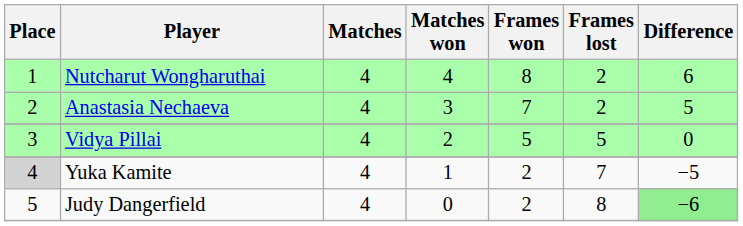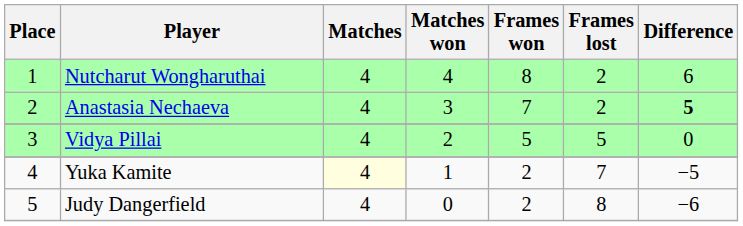 <table class="wikitable" style="text-align: center;">
 <tr>
 <th width=20>Place</th>
 <th width=200>Player</th>
 <th width=20>Matches</th>
 <th width=20>Matches won</th>
 <th width=20>Frames won</th>
 <th width=20>Frames lost</th>
 <th width=20>Difference</th>
 </tr>
 <tr style="background:#aaffaa;">
 <td>1</td>
 <td style="text-align:left;"> <a href='#'>Nutcharut Wongharuthai</a></td>
 <td>4</td>
 <td>4</td>
 <td>8</td>
 <td>2</td>
 <td>6</td>
 </tr>
 <tr style="background:#aaffaa;">
 <td>2</td>
 <td style="text-align:left;"> <a href='#'>Anastasia Nechaeva</a></td>
 <td>4</td>
 <td>3</td>
 <td>7</td>
 <td>2</td>
-<td>5</td>
+<td><strong>5</strong></td>
 </tr>
 <tr>
 </tr>
 <tr style="background:#aaffaa;">
 <td>3</td>
 <td style="text-align:left;"> <a href='#'>Vidya Pillai</a></td>
 <td>4</td>
 <td>2</td>
 <td>5</td>
 <td>5</td>
 <td>0</td>
 </tr>
 <tr>
 </tr>
 <tr>
-<td style="background: lightgrey;">4</td>
+<td>4</td>
 <td style="text-align:left;"> Yuka Kamite</td>
-<td>4</td>
+<td style="background: lightyellow;">4</td>
 <td>1</td>
 <td>2</td>
 <td>7</td>
 <td>−5</td>
 </tr>
 <tr>
 <td>5</td>
 <td style="text-align:left;"> Judy Dangerfield</td>
 <td>4</td>
 <td>0</td>
 <td>2</td>
 <td>8</td>
-<td style="background: lightgreen;">−6</td>
+<td>−6</td>
 </tr>
 <tr>
 </tr>
 </table>
